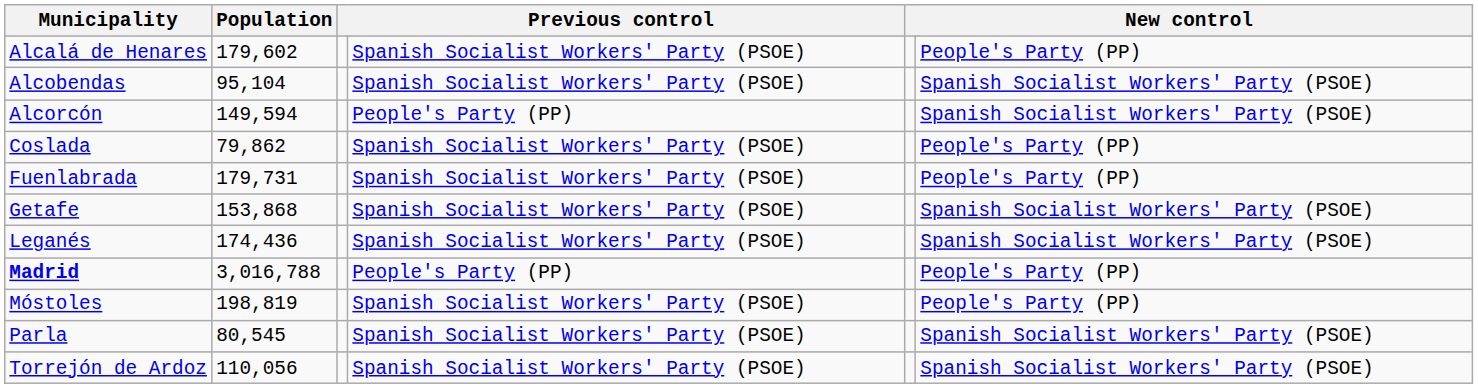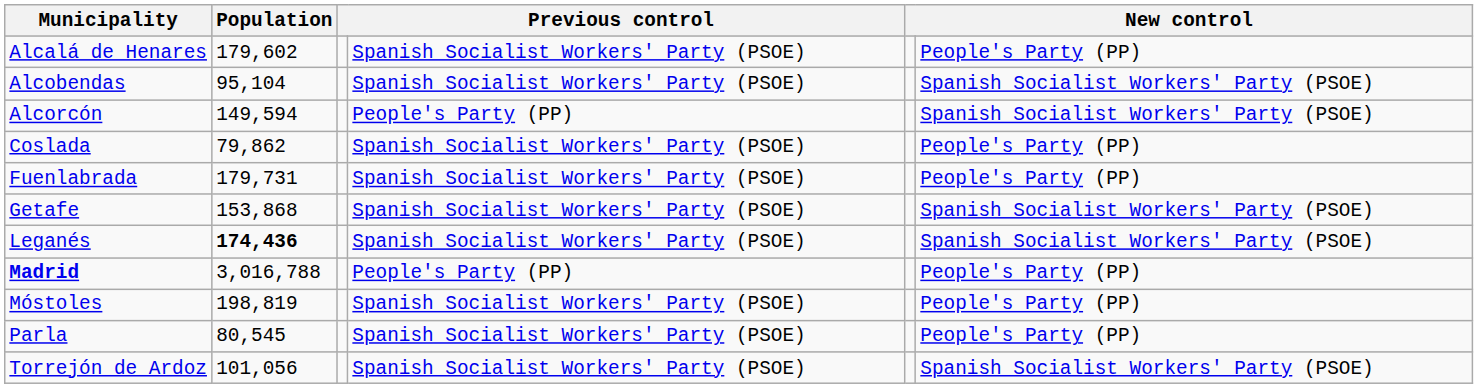 <table class="wikitable sortable">
 <tr>
 <th>Municipality</th>
 <th>Population</th>
 <th colspan="2" style="width:375px;">Previous control</th>
 <th colspan="2" style="width:375px;">New control</th>
 </tr>
 <tr>
 <td><a href='#'>Alcalá de Henares</a></td>
 <td>179,602</td>
 <td width="1" style="color:inherit;background:"></td>
 <td><a href='#'>Spanish Socialist Workers' Party</a> (PSOE)</td>
 <td width="1" style="color:inherit;background:"></td>
 <td><a href='#'>People's Party</a> (PP)</td>
 </tr>
 <tr>
 <td><a href='#'>Alcobendas</a></td>
 <td>95,104</td>
 <td style="color:inherit;background:"></td>
 <td><a href='#'>Spanish Socialist Workers' Party</a> (PSOE)</td>
 <td style="color:inherit;background:"></td>
 <td><a href='#'>Spanish Socialist Workers' Party</a> (PSOE)</td>
 </tr>
 <tr>
 <td><a href='#'>Alcorcón</a></td>
 <td>149,594</td>
 <td style="color:inherit;background:"></td>
 <td><a href='#'>People's Party</a> (PP)</td>
 <td style="color:inherit;background:"></td>
 <td><a href='#'>Spanish Socialist Workers' Party</a> (PSOE)</td>
 </tr>
 <tr>
 <td><a href='#'>Coslada</a></td>
 <td>79,862</td>
 <td style="color:inherit;background:"></td>
 <td><a href='#'>Spanish Socialist Workers' Party</a> (PSOE)</td>
 <td style="color:inherit;background:"></td>
 <td><a href='#'>People's Party</a> (PP)</td>
 </tr>
 <tr>
 <td><a href='#'>Fuenlabrada</a></td>
 <td>179,731</td>
 <td style="color:inherit;background:"></td>
 <td><a href='#'>Spanish Socialist Workers' Party</a> (PSOE)</td>
 <td style="color:inherit;background:"></td>
 <td><a href='#'>People's Party</a> (PP)</td>
 </tr>
 <tr>
 <td><a href='#'>Getafe</a></td>
 <td>153,868</td>
 <td style="color:inherit;background:"></td>
 <td><a href='#'>Spanish Socialist Workers' Party</a> (PSOE)</td>
 <td style="color:inherit;background:"></td>
 <td><a href='#'>Spanish Socialist Workers' Party</a> (PSOE)</td>
 </tr>
 <tr>
 <td><a href='#'>Leganés</a></td>
-<td>174,436</td>
+<td><strong>174,436</strong></td>
 <td style="color:inherit;background:"></td>
 <td><a href='#'>Spanish Socialist Workers' Party</a> (PSOE)</td>
 <td style="color:inherit;background:"></td>
 <td><a href='#'>Spanish Socialist Workers' Party</a> (PSOE)</td>
 </tr>
 <tr>
 <td><strong><a href='#'>Madrid</a></strong></td>
 <td>3,016,788</td>
 <td style="color:inherit;background:"></td>
 <td><a href='#'>People's Party</a> (PP)</td>
 <td style="color:inherit;background:"></td>
 <td><a href='#'>People's Party</a> (PP)</td>
 </tr>
 <tr>
 <td><a href='#'>Móstoles</a></td>
 <td>198,819</td>
 <td style="color:inherit;background:"></td>
 <td><a href='#'>Spanish Socialist Workers' Party</a> (PSOE)</td>
 <td style="color:inherit;background:"></td>
 <td><a href='#'>People's Party</a> (PP)</td>
 </tr>
 <tr>
 <td><a href='#'>Parla</a></td>
 <td>80,545</td>
 <td style="color:inherit;background:"></td>
 <td><a href='#'>Spanish Socialist Workers' Party</a> (PSOE)</td>
 <td style="color:inherit;background:"></td>
-<td><a href='#'>Spanish Socialist Workers' Party</a> (PSOE)</td>
+<td><a href='#'>People's Party</a> (PP)</td>
 </tr>
 <tr>
 <td><a href='#'>Torrejón de Ardoz</a></td>
-<td>110,056</td>
+<td>101,056</td>
 <td style="color:inherit;background:"></td>
 <td><a href='#'>Spanish Socialist Workers' Party</a> (PSOE)</td>
 <td style="color:inherit;background:"></td>
 <td><a href='#'>Spanish Socialist Workers' Party</a> (PSOE)</td>
 </tr>
 </table>
